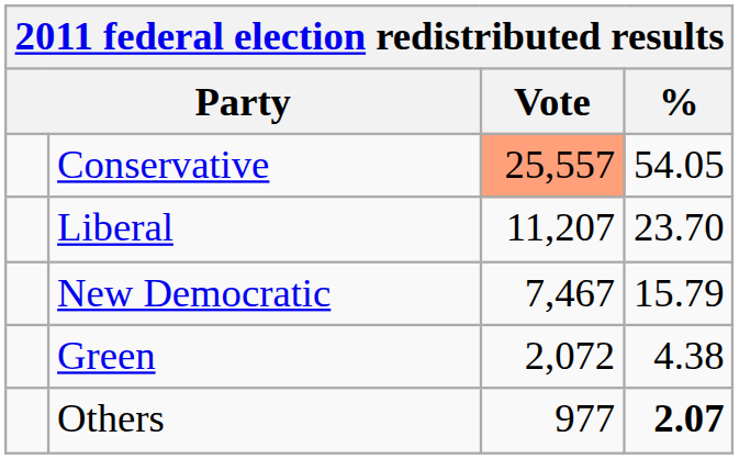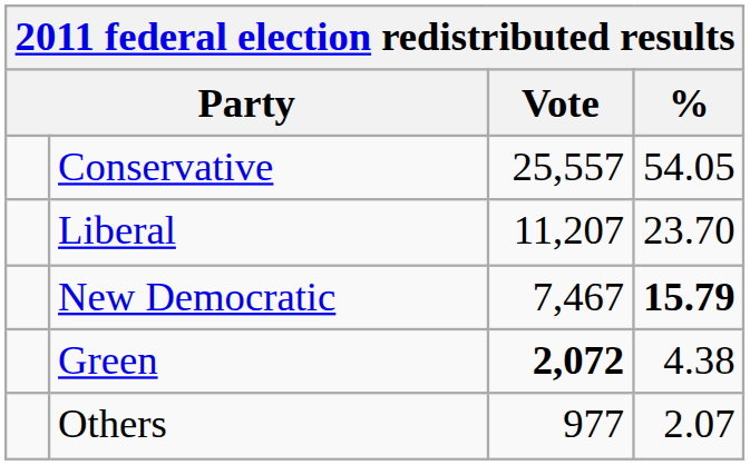 <table class="wikitable">
 <tr>
 <th colspan="4"><a href='#'>2011 federal election</a> redistributed results</th>
 </tr>
 <tr>
 <th bgcolor="#DDDDFF" width="130px" colspan="2">Party</th>
 <th bgcolor="#DDDDFF" width="50px">Vote</th>
 <th bgcolor="#DDDDFF" width="30px">%</th>
 </tr>
 <tr>
 <td> </td>
 <td><a href='#'>Conservative</a></td>
-<td align=right style="background: lightsalmon;">25,557</td>
+<td align=right>25,557</td>
 <td align=right>54.05</td>
 </tr>
 <tr>
 <td> </td>
 <td><a href='#'>Liberal</a></td>
 <td align=right>11,207</td>
 <td align=right>23.70</td>
 </tr>
 <tr>
 <td> </td>
 <td><a href='#'>New Democratic</a></td>
 <td align=right>7,467</td>
-<td align=right>15.79</td>
+<td align=right><strong>15.79</strong></td>
 </tr>
 <tr>
 <td> </td>
 <td><a href='#'>Green</a></td>
-<td align=right>2,072</td>
+<td align=right><strong>2,072</strong></td>
 <td align=right>4.38</td>
 </tr>
 <tr>
 <td> </td>
 <td>Others</td>
 <td align=right>977</td>
-<td align=right><strong>2.07</strong></td>
+<td align=right>2.07</td>
 </tr>
 </table>
